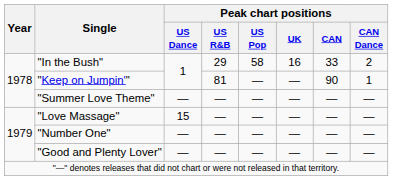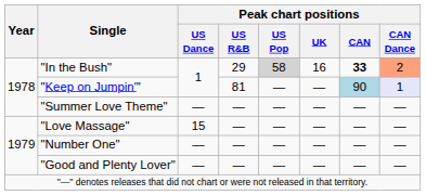 <table class="wikitable">
 <tr>
 <th scope="col" rowspan="2">Year</th>
 <th scope="col" rowspan="2">Single</th>
 <th scope="col" colspan="6">Peak chart positions</th>
 </tr>
 <tr>
 <th style="width:45px;"><small><a href='#'>US Dance</a></small><br></th>
 <th style="width:45px;"><small><a href='#'>US R&B</a></small><br></th>
 <th style="width:45px;"><small><a href='#'>US Pop</a></small><br></th>
 <th style="width:45px;"><small><a href='#'>UK</a></small><br></th>
 <th style="width:45px;"><small><a href='#'>CAN</a></small><br></th>
 <th style="width:45px;"><small><a href='#'>CAN Dance</a></small><br></th>
 </tr>
 <tr>
 <td rowspan="3">1978</td>
 <td>"In the Bush"</td>
 <td align=center rowspan="2">1</td>
 <td align=center>29</td>
-<td align=center>58</td>
+<td align=center style="background: lightgrey;">58</td>
 <td align=center>16</td>
-<td align=center>33</td>
-<td align=center>2</td>
+<td align=center><strong>33</strong></td>
+<td align=center style="background: lightsalmon;">2</td>
 </tr>
 <tr>
 <td>"<a href='#'>Keep on Jumpin'</a>"</td>
 <td align=center>81</td>
 <td align=center>―</td>
 <td align=center>―</td>
-<td align=center>90</td>
-<td align=center>1</td>
+<td align=center style="background: lightblue;">90</td>
+<td align=center style="background: lavender;">1</td>
 </tr>
 <tr>
 <td>"Summer Love Theme"</td>
 <td align=center>―</td>
 <td align=center>―</td>
 <td align=center>―</td>
 <td align=center>―</td>
 <td align=center>―</td>
 <td align=center>―</td>
 </tr>
 <tr>
 <td rowspan="3">1979</td>
 <td>"Love Massage"</td>
 <td align=center>15</td>
 <td align=center>—</td>
 <td align=center>―</td>
 <td align=center>—</td>
 <td align=center>―</td>
 <td align=center>―</td>
 </tr>
 <tr>
 <td>"Number One"</td>
 <td align=center>—</td>
 <td align=center>—</td>
 <td align=center>―</td>
 <td align=center>—</td>
 <td align=center>―</td>
 <td align=center>―</td>
 </tr>
 <tr>
 <td>"Good and Plenty Lover"</td>
 <td align=center>—</td>
 <td align=center>—</td>
 <td align=center>―</td>
 <td align=center>—</td>
 <td align=center>―</td>
 <td align=center>―</td>
 </tr>
 <tr>
 <td colspan="9" style="text-align:center; font-size:9pt;">"—" denotes releases that did not chart or were not released in that territory.</td>
 </tr>
 </table>
